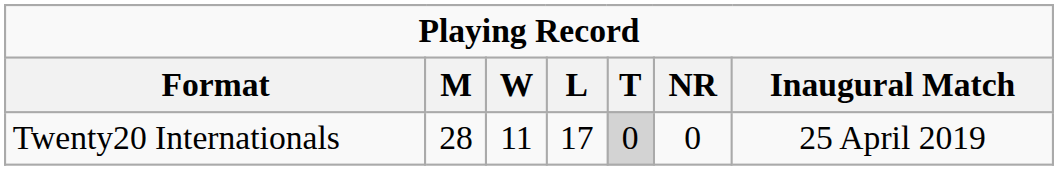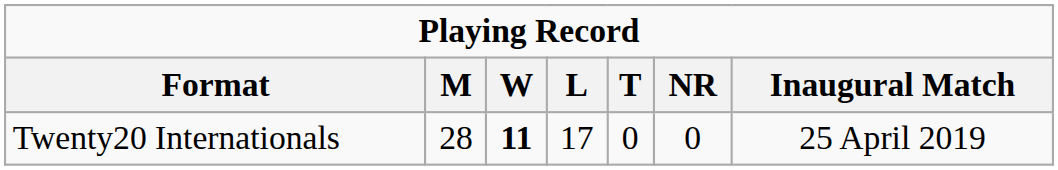 <table class="wikitable" style="text-align: center; width: 500px;">
 <tr>
 <td colspan=7 align="center"><strong>Playing Record</strong></td>
 </tr>
 <tr>
 <th>Format</th>
 <th>M</th>
 <th>W</th>
 <th>L</th>
 <th>T</th>
 <th>NR</th>
 <th>Inaugural Match</th>
 </tr>
 <tr>
 <td align="left">Twenty20 Internationals</td>
 <td>28</td>
-<td>11</td>
+<td><strong>11</strong></td>
 <td>17</td>
-<td style="background: lightgrey;">0</td>
+<td>0</td>
 <td>0</td>
 <td>25 April 2019</td>
 </tr>
 </table>
